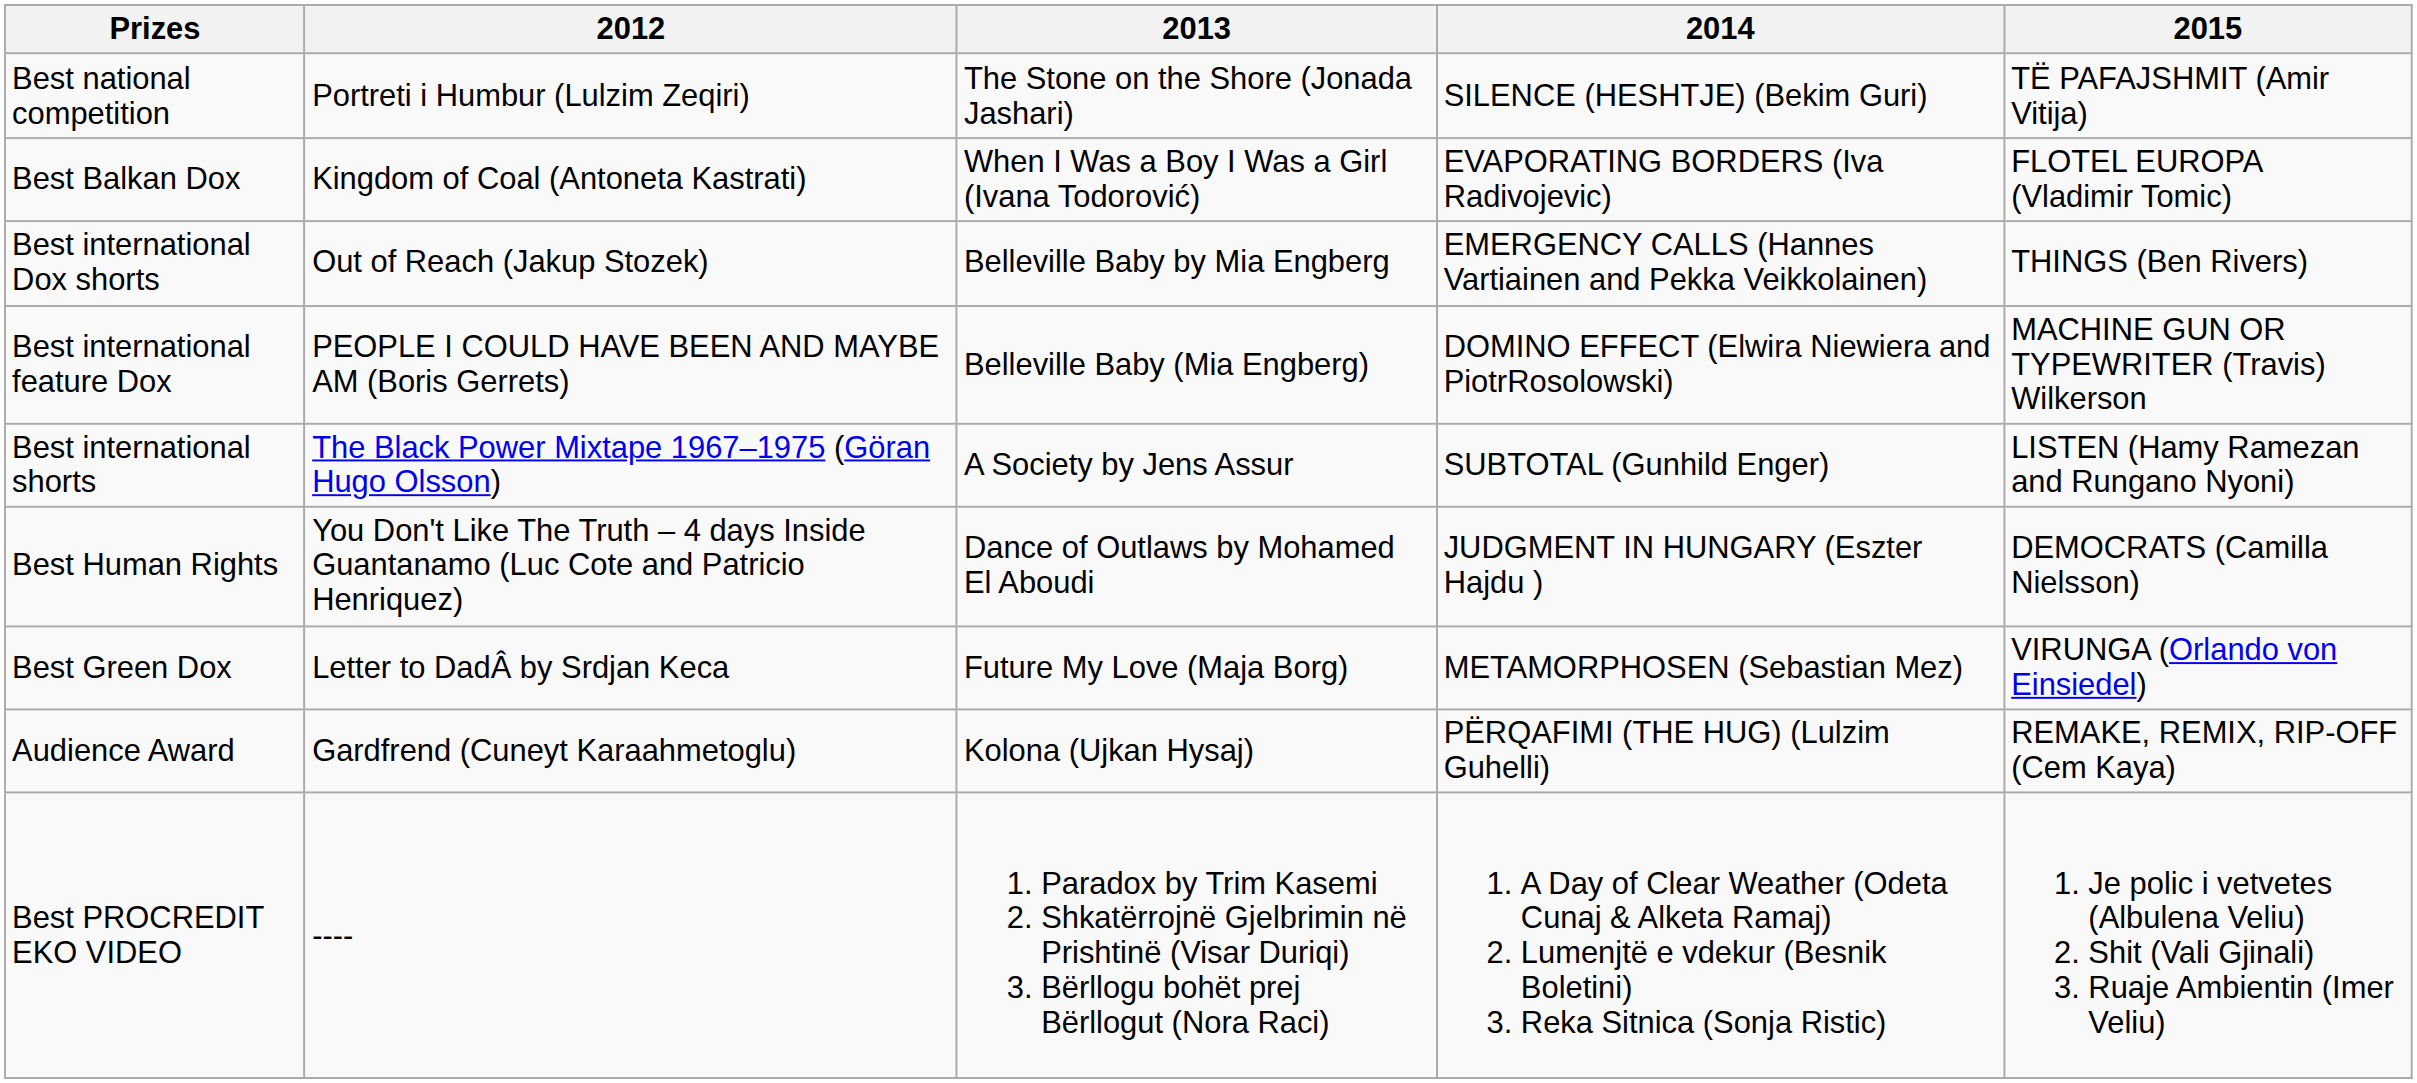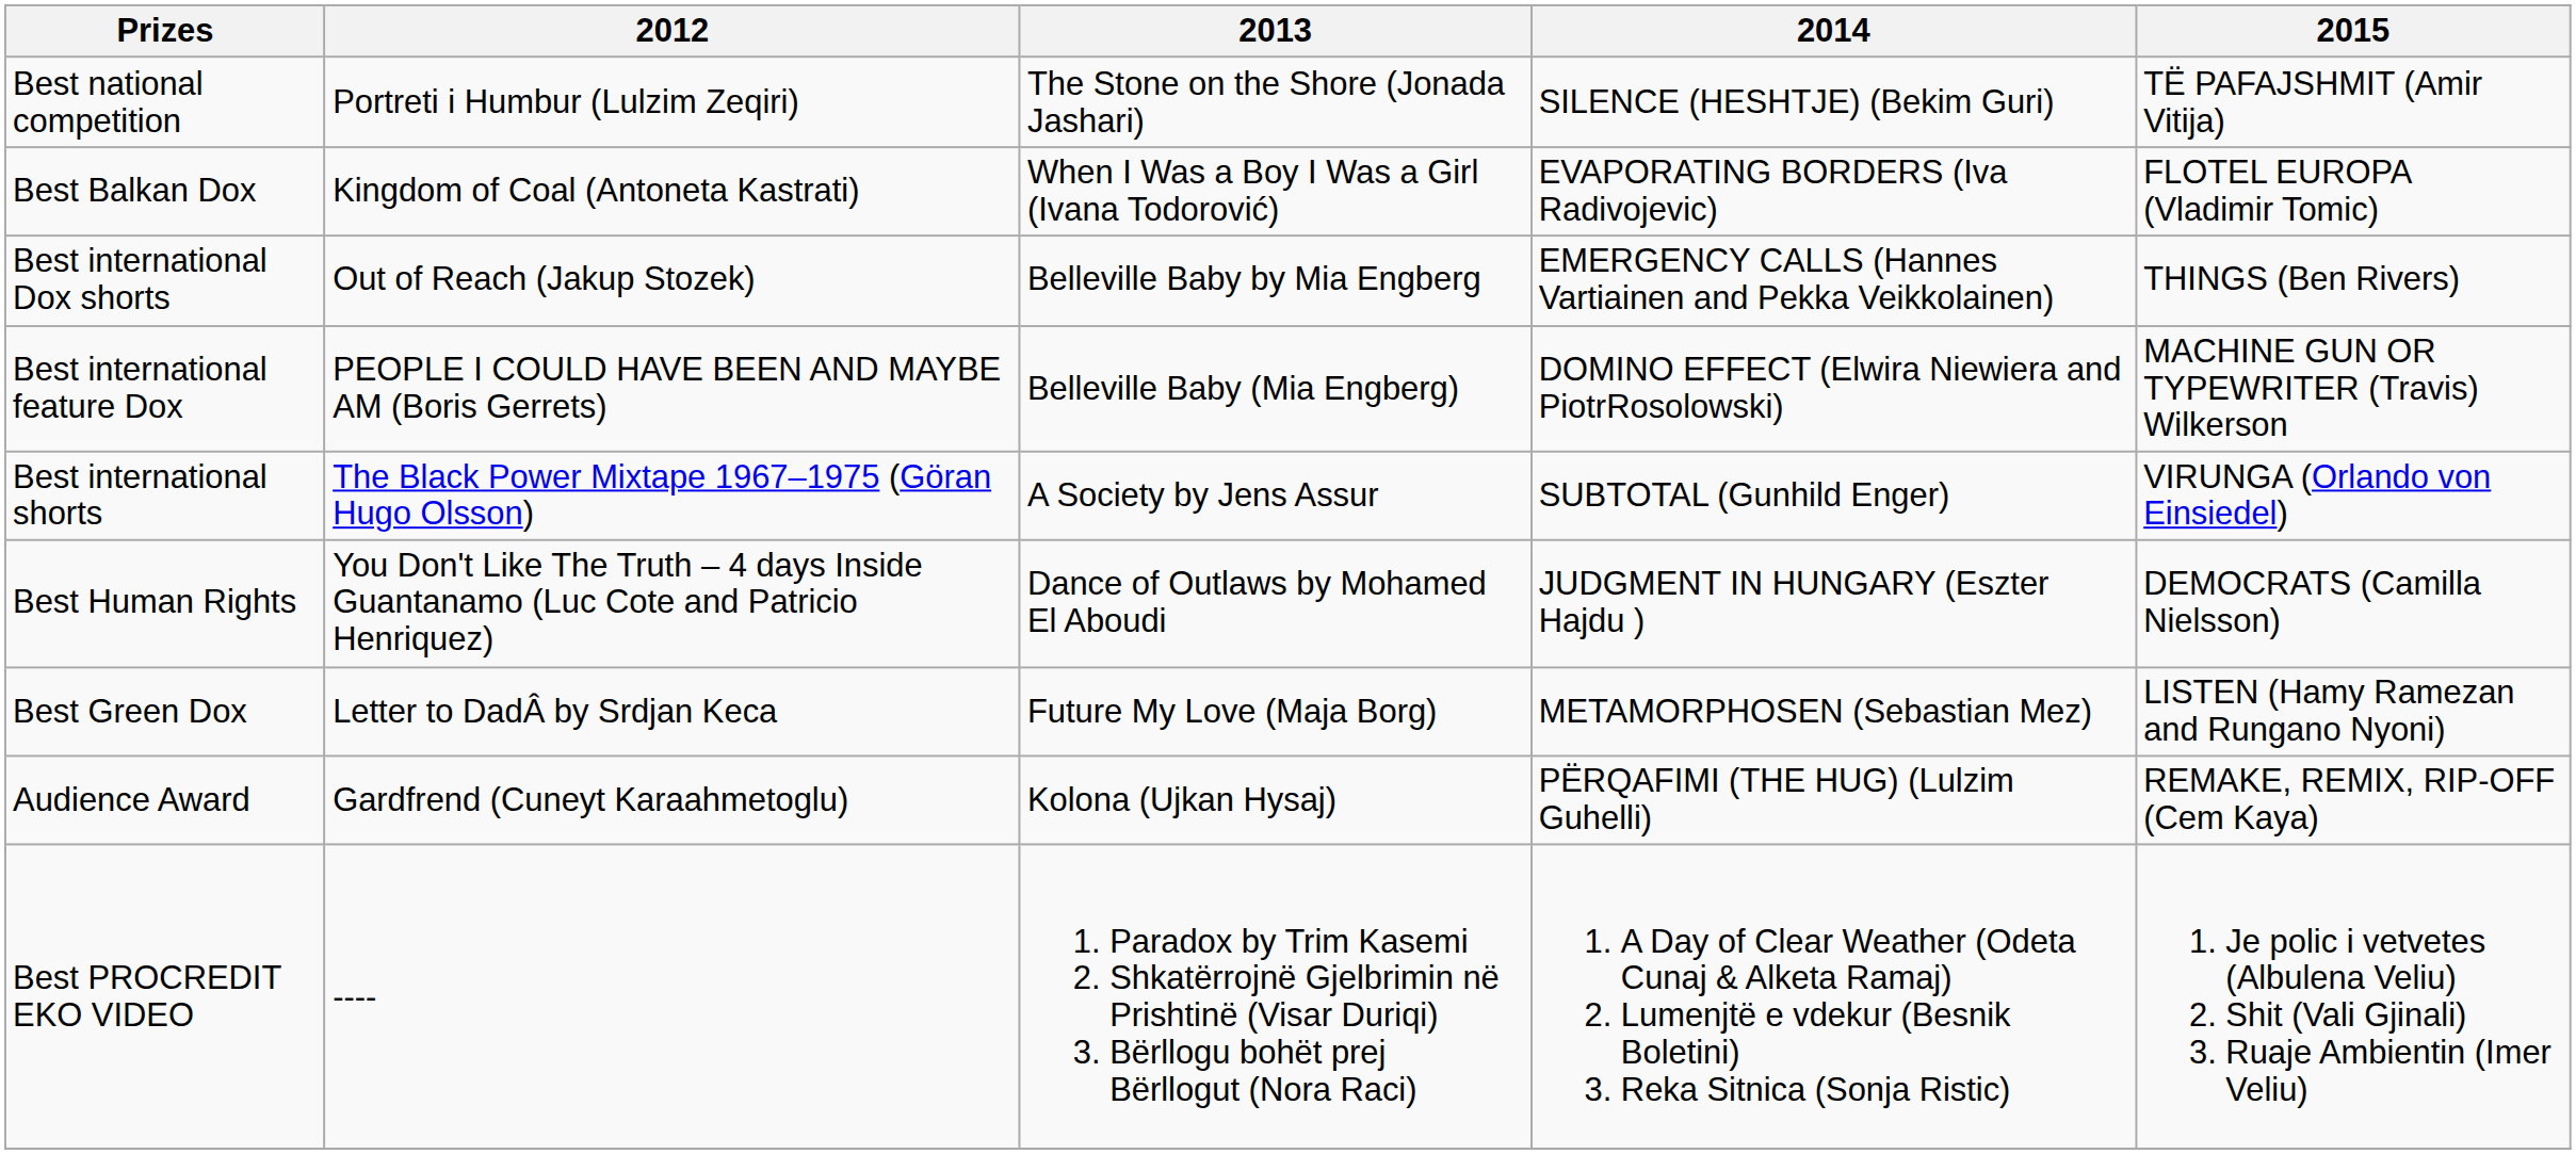 <table class="wikitable">
 <tr>
 <th>Prizes</th>
 <th>2012</th>
 <th>2013</th>
 <th>2014</th>
 <th>2015</th>
 </tr>
 <tr>
 <td>Best national competition</td>
 <td>Portreti i Humbur (Lulzim Zeqiri)</td>
 <td>The Stone on the Shore (Jonada Jashari)</td>
 <td>SILENCE (HESHTJE) (Bekim Guri)</td>
 <td>TË PAFAJSHMIT (Amir Vitija)</td>
 </tr>
 <tr>
 <td>Best Balkan Dox</td>
 <td>Kingdom of Coal (Antoneta Kastrati)</td>
 <td>When I Was a Boy I Was a Girl (Ivana Todorović)</td>
 <td>EVAPORATING BORDERS (Iva Radivojevic)</td>
 <td>FLOTEL EUROPA<br>(Vladimir Tomic)</td>
 </tr>
 <tr>
 <td>Best international Dox shorts</td>
 <td>Out of Reach (Jakup Stozek)</td>
 <td>Belleville Baby by Mia Engberg</td>
 <td>EMERGENCY CALLS (Hannes Vartiainen and Pekka Veikkolainen)</td>
 <td>THINGS (Ben Rivers)</td>
 </tr>
 <tr>
 <td>Best international  feature Dox</td>
 <td>PEOPLE I COULD HAVE BEEN AND MAYBE AM (Boris Gerrets)</td>
 <td>Belleville Baby (Mia Engberg)</td>
 <td>DOMINO EFFECT  (Elwira Niewiera and PiotrRosolowski)</td>
 <td>MACHINE GUN OR TYPEWRITER (Travis)<br>Wilkerson</td>
 </tr>
 <tr>
 <td>Best international shorts</td>
 <td><a href='#'>The Black Power Mixtape 1967–1975</a> (<a href='#'>Göran Hugo Olsson</a>)</td>
 <td>A Society by Jens Assur</td>
 <td>SUBTOTAL (Gunhild Enger)</td>
-<td>LISTEN (Hamy Ramezan and Rungano Nyoni)</td>
+<td>VIRUNGA (<a href='#'>Orlando von Einsiedel</a>)</td>
 </tr>
 <tr>
 <td>Best Human Rights</td>
 <td>You Don't Like The Truth – 4 days Inside Guantanamo (Luc Cote and Patricio Henriquez)</td>
 <td>Dance of Outlaws by Mohamed El Aboudi</td>
 <td>JUDGMENT IN HUNGARY (Eszter Hajdu )</td>
 <td>DEMOCRATS  (Camilla Nielsson)</td>
 </tr>
 <tr>
 <td>Best Green Dox</td>
 <td>Letter to DadÂ by Srdjan Keca</td>
 <td>Future My Love (Maja Borg)</td>
 <td>METAMORPHOSEN (Sebastian Mez)</td>
-<td>VIRUNGA (<a href='#'>Orlando von Einsiedel</a>)</td>
+<td>LISTEN (Hamy Ramezan and Rungano Nyoni)</td>
 </tr>
 <tr>
 <td>Audience Award</td>
 <td>Gardfrend (Cuneyt Karaahmetoglu)</td>
 <td>Kolona (Ujkan Hysaj)</td>
 <td>PËRQAFIMI (THE HUG) (Lulzim Guhelli)</td>
 <td>REMAKE, REMIX, RIP-OFF (Cem Kaya)</td>
 </tr>
 <tr>
 <td>Best PROCREDIT EKO VIDEO</td>
 <td>----</td>
 <td><br><ol><li>Paradox by Trim Kasemi</li><li>Shkatërrojnë Gjelbrimin në Prishtinë (Visar Duriqi)</li><li>Bërllogu bohët prej Bërllogut (Nora Raci)</li></ol></td>
 <td><br><ol><li>A Day of Clear Weather (Odeta Cunaj & Alketa Ramaj)</li><li>Lumenjtë e vdekur (Besnik Boletini)</li><li>Reka Sitnica (Sonja Ristic)</li></ol></td>
 <td><br><ol><li>Je polic i vetvetes (Albulena Veliu)</li><li>Shit (Vali Gjinali)</li><li>Ruaje Ambientin (Imer Veliu)</li></ol></td>
 </tr>
 <tr>
 </tr>
 </table>
